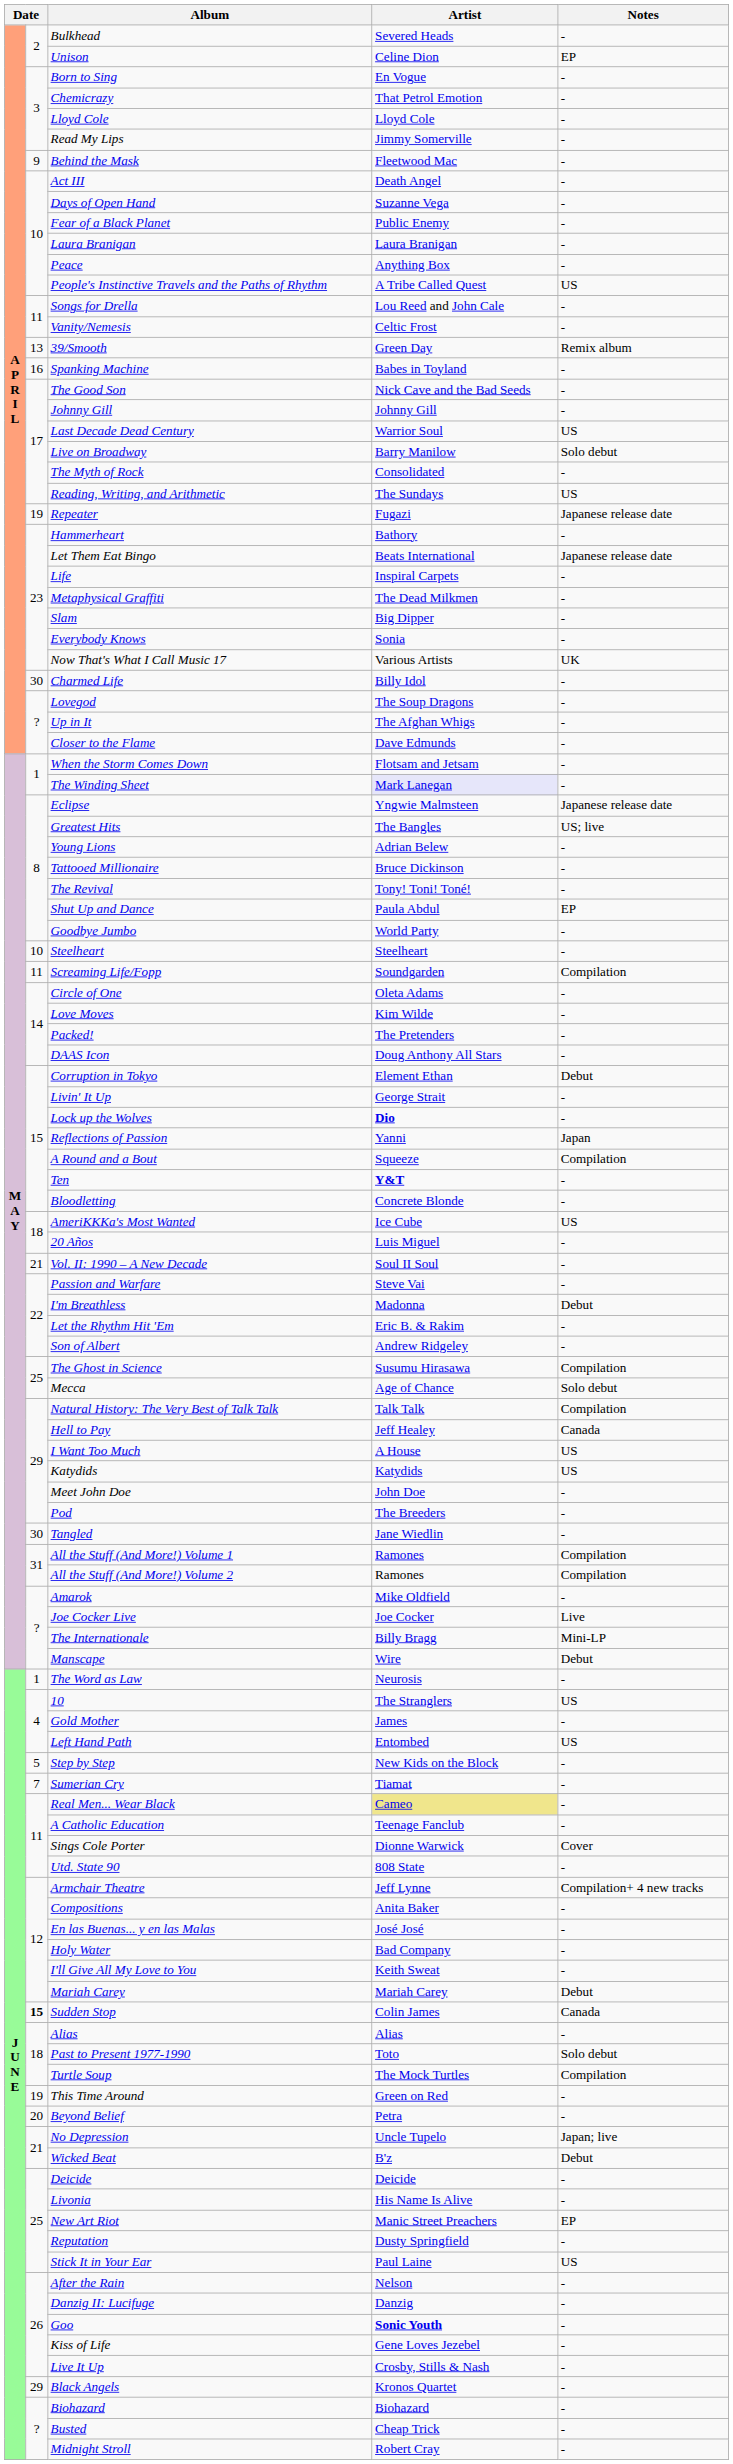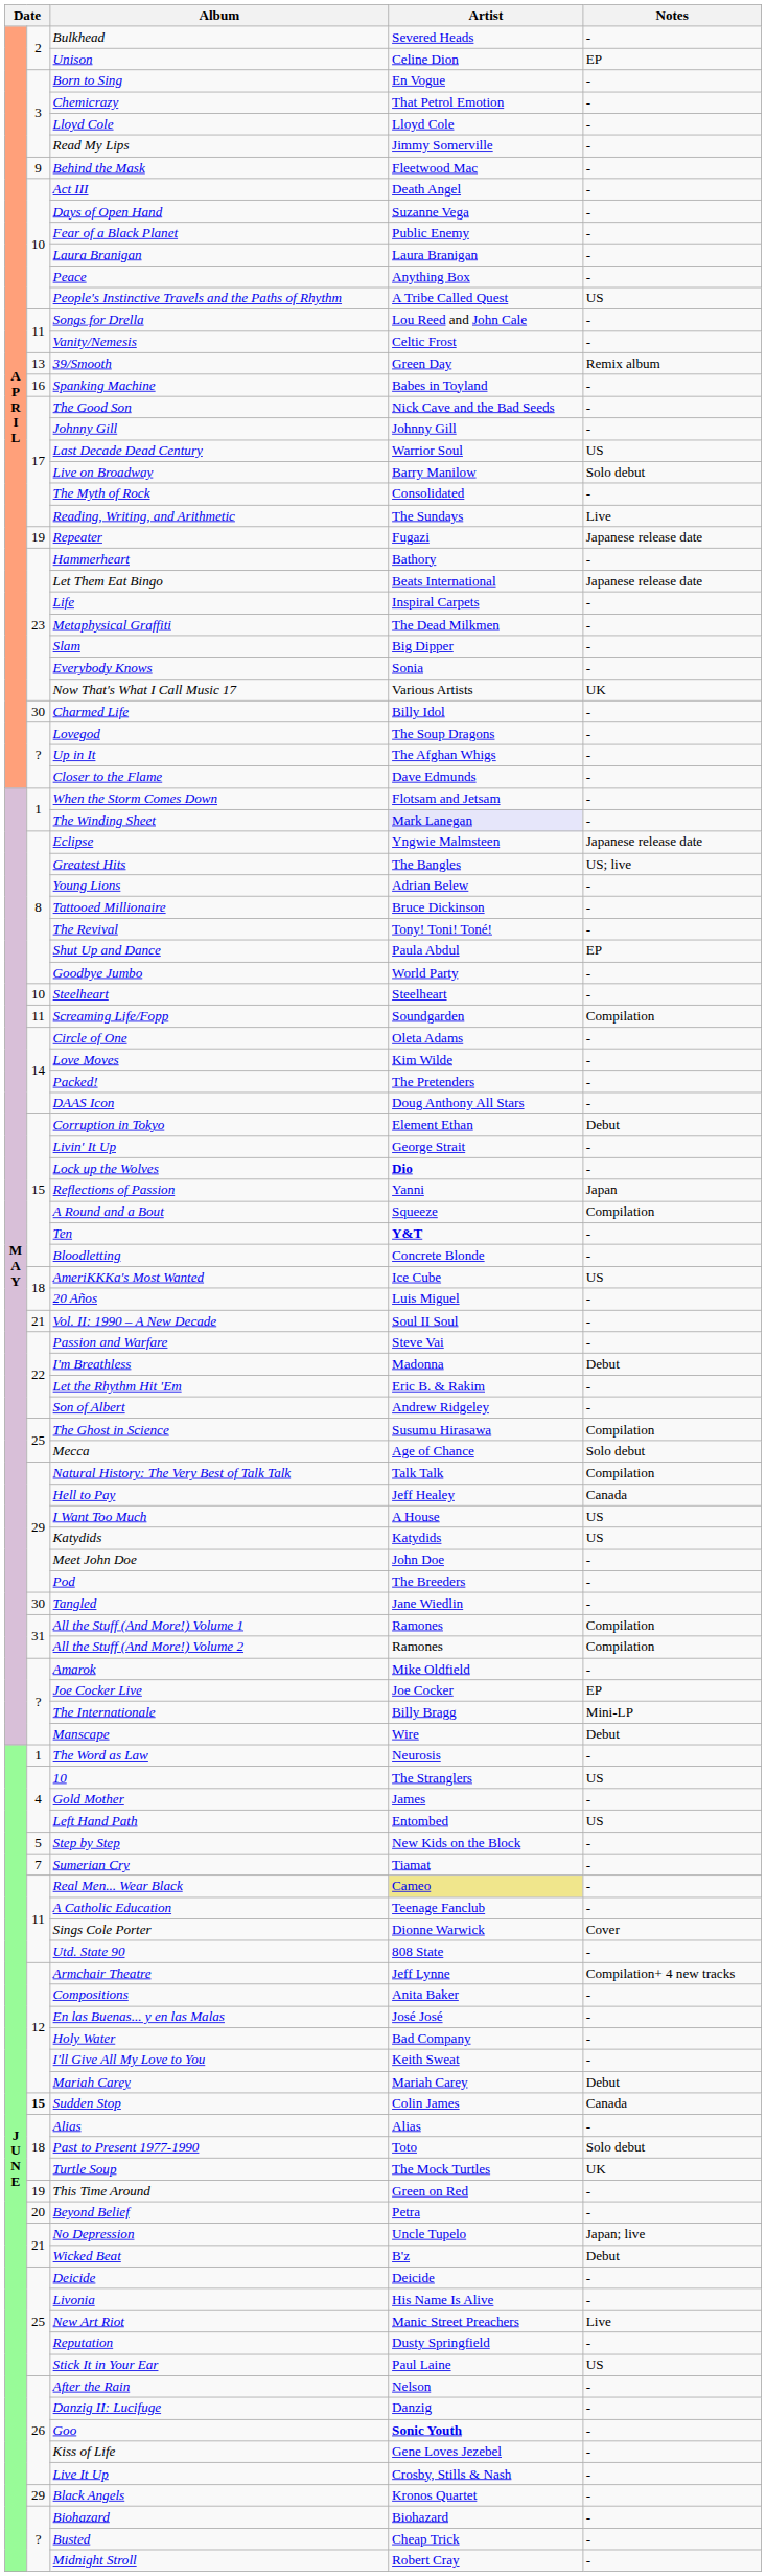 <table class="wikitable" width="100%">
 <tr>
 <th colspan="2">Date</th>
 <th>Album</th>
 <th>Artist</th>
 <th>Notes</th>
 </tr>
 <tr>
 <td rowspan="35" valign="center" align="center" style="background:#FFA07A; textcolor:#000;"><strong>A<br>P<br>R<br>I<br>L</strong></td>
 <td rowspan="2" align="center">2</td>
 <td><em>Bulkhead</em></td>
 <td><a href='#'>Severed Heads</a></td>
 <td>-</td>
 </tr>
 <tr>
 <td><em><a href='#'>Unison</a></em></td>
 <td><a href='#'>Celine Dion</a></td>
 <td>EP</td>
 </tr>
 <tr>
 <td rowspan="4" align="center">3</td>
 <td><em><a href='#'>Born to Sing</a></em></td>
 <td><a href='#'>En Vogue</a></td>
 <td>-</td>
 </tr>
 <tr>
 <td><em><a href='#'>Chemicrazy</a></em></td>
 <td><a href='#'>That Petrol Emotion</a></td>
 <td>-</td>
 </tr>
 <tr>
 <td><em><a href='#'>Lloyd Cole</a></em></td>
 <td><a href='#'>Lloyd Cole</a></td>
 <td>-</td>
 </tr>
 <tr>
 <td><em>Read My Lips</em></td>
 <td><a href='#'>Jimmy Somerville</a></td>
 <td>-</td>
 </tr>
 <tr>
 <td align="center">9</td>
 <td><em><a href='#'>Behind the Mask</a></em></td>
 <td><a href='#'>Fleetwood Mac</a></td>
 <td>-</td>
 </tr>
 <tr>
 <td rowspan="6" align="center">10</td>
 <td><em><a href='#'>Act III</a></em></td>
 <td><a href='#'>Death Angel</a></td>
 <td>-</td>
 </tr>
 <tr>
 <td><em><a href='#'>Days of Open Hand</a></em></td>
 <td><a href='#'>Suzanne Vega</a></td>
 <td>-</td>
 </tr>
 <tr>
 <td><em><a href='#'>Fear of a Black Planet</a></em></td>
 <td><a href='#'>Public Enemy</a></td>
 <td>-</td>
 </tr>
 <tr>
 <td><em><a href='#'>Laura Branigan</a></em></td>
 <td><a href='#'>Laura Branigan</a></td>
 <td>-</td>
 </tr>
 <tr>
 <td><em><a href='#'>Peace</a></em></td>
 <td><a href='#'>Anything Box</a></td>
 <td>-</td>
 </tr>
 <tr>
 <td><em><a href='#'>People's Instinctive Travels and the Paths of Rhythm</a></em></td>
 <td><a href='#'>A Tribe Called Quest</a></td>
 <td>US</td>
 </tr>
 <tr>
 <td rowspan="2" align="center">11</td>
 <td><em><a href='#'>Songs for Drella</a></em></td>
 <td><a href='#'>Lou Reed</a> and <a href='#'>John Cale</a></td>
 <td>-</td>
 </tr>
 <tr>
 <td><em><a href='#'>Vanity/Nemesis</a></em></td>
 <td><a href='#'>Celtic Frost</a></td>
 <td>-</td>
 </tr>
 <tr>
 <td align="center">13</td>
 <td><em><a href='#'>39/Smooth</a></em></td>
 <td><a href='#'>Green Day</a></td>
 <td>Remix album</td>
 </tr>
 <tr>
 <td rowspan="1" align="center">16</td>
 <td><em><a href='#'>Spanking Machine</a></em></td>
 <td><a href='#'>Babes in Toyland</a></td>
 <td>-</td>
 </tr>
 <tr>
 <td rowspan="6" align="center">17</td>
 <td><em><a href='#'>The Good Son</a></em></td>
 <td><a href='#'>Nick Cave and the Bad Seeds</a></td>
 <td>-</td>
 </tr>
 <tr>
 <td><em><a href='#'>Johnny Gill</a></em></td>
 <td><a href='#'>Johnny Gill</a></td>
 <td>-</td>
 </tr>
 <tr>
 <td><em><a href='#'>Last Decade Dead Century</a></em></td>
 <td><a href='#'>Warrior Soul</a></td>
 <td>US</td>
 </tr>
 <tr>
 <td><em><a href='#'>Live on Broadway</a></em></td>
 <td><a href='#'>Barry Manilow</a></td>
 <td>Solo debut</td>
 </tr>
 <tr>
 <td><em><a href='#'>The Myth of Rock</a></em></td>
 <td><a href='#'>Consolidated</a></td>
 <td>-</td>
 </tr>
 <tr>
 <td><em><a href='#'>Reading, Writing, and Arithmetic</a></em></td>
 <td><a href='#'>The Sundays</a></td>
-<td>US</td>
+<td>Live</td>
 </tr>
 <tr>
 <td align="center">19</td>
 <td><em><a href='#'>Repeater</a></em></td>
 <td><a href='#'>Fugazi</a></td>
 <td>Japanese release date</td>
 </tr>
 <tr>
 <td rowspan="7" align="center">23</td>
 <td><em><a href='#'>Hammerheart</a></em></td>
 <td><a href='#'>Bathory</a></td>
 <td>-</td>
 </tr>
 <tr>
 <td><em>Let Them Eat Bingo</em></td>
 <td><a href='#'>Beats International</a></td>
 <td>Japanese release date</td>
 </tr>
 <tr>
 <td><em><a href='#'>Life</a></em></td>
 <td><a href='#'>Inspiral Carpets</a></td>
 <td>-</td>
 </tr>
 <tr>
 <td><em><a href='#'>Metaphysical Graffiti</a> </em></td>
 <td><a href='#'>The Dead Milkmen</a></td>
 <td>-</td>
 </tr>
 <tr>
 <td><em><a href='#'>Slam</a> </em></td>
 <td><a href='#'>Big Dipper</a></td>
 <td>-</td>
 </tr>
 <tr>
 <td><em><a href='#'>Everybody Knows</a></em></td>
 <td><a href='#'>Sonia</a></td>
 <td>-</td>
 </tr>
 <tr>
 <td><em>Now That's What I Call Music 17</em></td>
 <td>Various Artists</td>
 <td>UK</td>
 </tr>
 <tr>
 <td align="center">30</td>
 <td><em><a href='#'>Charmed Life</a></em></td>
 <td><a href='#'>Billy Idol</a></td>
 <td>-</td>
 </tr>
 <tr>
 <td rowspan="3" align="center">?</td>
 <td><em><a href='#'>Lovegod</a></em></td>
 <td><a href='#'>The Soup Dragons</a></td>
 <td>-</td>
 </tr>
 <tr>
 <td><em><a href='#'>Up in It</a></em></td>
 <td><a href='#'>The Afghan Whigs</a></td>
 <td>-</td>
 </tr>
 <tr>
 <td><em><a href='#'>Closer to the Flame</a></em></td>
 <td><a href='#'>Dave Edmunds</a></td>
 <td>-</td>
 </tr>
 <tr>
 <td rowspan="44" valign="center" align="center" style="background:#D8BFD8; textcolor:#000;"><strong>M<br>A<br>Y</strong></td>
 <td rowspan="2" align="center">1</td>
 <td><em><a href='#'>When the Storm Comes Down</a></em></td>
 <td><a href='#'>Flotsam and Jetsam</a></td>
 <td>-</td>
 </tr>
 <tr>
 <td><em><a href='#'>The Winding Sheet</a></em></td>
 <td style="background: lavender;"><a href='#'>Mark Lanegan</a></td>
 <td>-</td>
 </tr>
 <tr>
 <td rowspan="7" align="center">8</td>
 <td><em><a href='#'>Eclipse</a></em></td>
 <td><a href='#'>Yngwie Malmsteen</a></td>
 <td>Japanese release date</td>
 </tr>
 <tr>
 <td><em><a href='#'>Greatest Hits</a></em></td>
 <td><a href='#'>The Bangles</a></td>
 <td>US; live</td>
 </tr>
 <tr>
 <td><em><a href='#'>Young Lions</a></em></td>
 <td><a href='#'>Adrian Belew</a></td>
 <td>-</td>
 </tr>
 <tr>
 <td><em><a href='#'>Tattooed Millionaire</a></em></td>
 <td><a href='#'>Bruce Dickinson</a></td>
 <td>-</td>
 </tr>
 <tr>
 <td><em><a href='#'>The Revival</a></em></td>
 <td><a href='#'>Tony! Toni! Toné!</a></td>
 <td>-</td>
 </tr>
 <tr>
 <td><em><a href='#'>Shut Up and Dance</a></em></td>
 <td><a href='#'>Paula Abdul</a></td>
 <td>EP</td>
 </tr>
 <tr>
 <td><em><a href='#'>Goodbye Jumbo</a></em></td>
 <td><a href='#'>World Party</a></td>
 <td>-</td>
 </tr>
 <tr>
 <td align="center">10</td>
 <td><em><a href='#'>Steelheart</a></em></td>
 <td><a href='#'>Steelheart</a></td>
 <td>-</td>
 </tr>
 <tr>
 <td align="center">11</td>
 <td><em><a href='#'>Screaming Life/Fopp</a></em></td>
 <td><a href='#'>Soundgarden</a></td>
 <td>Compilation</td>
 </tr>
 <tr>
 <td rowspan="4" align="center">14</td>
 <td><em><a href='#'>Circle of One</a></em></td>
 <td><a href='#'>Oleta Adams</a></td>
 <td>-</td>
 </tr>
 <tr>
 <td><em><a href='#'>Love Moves</a></em></td>
 <td><a href='#'>Kim Wilde</a></td>
 <td>-</td>
 </tr>
 <tr>
 <td><em><a href='#'>Packed!</a></em></td>
 <td><a href='#'>The Pretenders</a></td>
 <td>-</td>
 </tr>
 <tr>
 <td><em><a href='#'>DAAS Icon</a></em></td>
 <td><a href='#'>Doug Anthony All Stars</a></td>
 <td>-</td>
 </tr>
 <tr>
 <td rowspan="7" align="center">15</td>
 <td><em><a href='#'>Corruption in Tokyo</a></em></td>
 <td><a href='#'>Element Ethan</a></td>
 <td>Debut</td>
 </tr>
 <tr>
 <td><em><a href='#'>Livin' It Up</a></em></td>
 <td><a href='#'>George Strait</a></td>
 <td>-</td>
 </tr>
 <tr>
 <td><em><a href='#'>Lock up the Wolves</a></em></td>
 <td><strong><a href='#'>Dio</a></strong></td>
 <td>-</td>
 </tr>
 <tr>
 <td><em><a href='#'>Reflections of Passion</a></em></td>
 <td><a href='#'>Yanni</a></td>
 <td>Japan</td>
 </tr>
 <tr>
 <td><em><a href='#'>A Round and a Bout</a></em></td>
 <td><a href='#'>Squeeze</a></td>
 <td>Compilation</td>
 </tr>
 <tr>
 <td><em><a href='#'>Ten</a></em></td>
 <td><strong><a href='#'>Y&T</a></strong></td>
 <td>-</td>
 </tr>
 <tr>
 <td><em><a href='#'>Bloodletting</a></em></td>
 <td><a href='#'>Concrete Blonde</a></td>
 <td>-</td>
 </tr>
 <tr>
 <td rowspan="2" align="center">18</td>
 <td><em><a href='#'>AmeriKKKa's Most Wanted</a></em></td>
 <td><a href='#'>Ice Cube</a></td>
 <td>US</td>
 </tr>
 <tr>
 <td><em><a href='#'>20 Años</a></em></td>
 <td><a href='#'>Luis Miguel</a></td>
 <td>-</td>
 </tr>
 <tr>
 <td align="center">21</td>
 <td><em><a href='#'>Vol. II: 1990 – A New Decade</a></em></td>
 <td><a href='#'>Soul II Soul</a></td>
 <td>-</td>
 </tr>
 <tr>
 <td rowspan="4" align="center">22</td>
 <td><em><a href='#'>Passion and Warfare</a></em></td>
 <td><a href='#'>Steve Vai</a></td>
 <td>-</td>
 </tr>
 <tr>
 <td><em><a href='#'>I'm Breathless</a></em></td>
 <td><a href='#'>Madonna</a></td>
 <td>Debut</td>
 </tr>
 <tr>
 <td><em><a href='#'>Let the Rhythm Hit 'Em</a></em></td>
 <td><a href='#'>Eric B. & Rakim</a></td>
 <td>-</td>
 </tr>
 <tr>
 <td><em><a href='#'>Son of Albert</a></em></td>
 <td><a href='#'>Andrew Ridgeley</a></td>
 <td>-</td>
 </tr>
 <tr>
 <td rowspan="2" align="center">25</td>
 <td><em><a href='#'>The Ghost in Science</a></em></td>
 <td><a href='#'>Susumu Hirasawa</a></td>
 <td>Compilation</td>
 </tr>
 <tr>
 <td><em>Mecca</em></td>
 <td><a href='#'>Age of Chance</a></td>
 <td>Solo debut</td>
 </tr>
 <tr>
 <td rowspan="6" align="center">29</td>
 <td><em><a href='#'>Natural History: The Very Best of Talk Talk</a></em></td>
 <td><a href='#'>Talk Talk</a></td>
 <td>Compilation</td>
 </tr>
 <tr>
 <td><em><a href='#'>Hell to Pay</a></em></td>
 <td><a href='#'>Jeff Healey</a></td>
 <td>Canada</td>
 </tr>
 <tr>
 <td><em><a href='#'>I Want Too Much</a></em></td>
 <td><a href='#'>A House</a></td>
 <td>US</td>
 </tr>
 <tr>
 <td><em>Katydids</em></td>
 <td><a href='#'>Katydids</a></td>
 <td>US</td>
 </tr>
 <tr>
 <td><em>Meet John Doe</em></td>
 <td><a href='#'>John Doe</a></td>
 <td>-</td>
 </tr>
 <tr>
 <td><em><a href='#'>Pod</a></em></td>
 <td><a href='#'>The Breeders</a></td>
 <td>-</td>
 </tr>
 <tr>
 <td rowspan="1" align="center">30</td>
 <td><em><a href='#'>Tangled</a></em></td>
 <td><a href='#'>Jane Wiedlin</a></td>
 <td>-</td>
 </tr>
 <tr>
 <td rowspan="2" align="center">31</td>
 <td><em><a href='#'>All the Stuff (And More!) Volume 1</a></em></td>
 <td><a href='#'>Ramones</a></td>
 <td>Compilation</td>
 </tr>
 <tr>
 <td><em><a href='#'>All the Stuff (And More!) Volume 2</a></em></td>
 <td>Ramones</td>
 <td>Compilation</td>
 </tr>
 <tr>
 <td rowspan="4" align="center">?</td>
 <td><em><a href='#'>Amarok</a></em></td>
 <td><a href='#'>Mike Oldfield</a></td>
 <td>-</td>
 </tr>
 <tr>
 <td><em><a href='#'>Joe Cocker Live</a></em></td>
 <td><a href='#'>Joe Cocker</a></td>
-<td>Live</td>
+<td>EP</td>
 </tr>
 <tr>
 <td><em><a href='#'>The Internationale</a></em></td>
 <td><a href='#'>Billy Bragg</a></td>
 <td>Mini-LP</td>
 </tr>
 <tr>
 <td><em><a href='#'>Manscape</a></em></td>
 <td><a href='#'>Wire</a></td>
 <td>Debut</td>
 </tr>
 <tr>
 <td rowspan="38" valign="center" align="center" style="background:#98FB98; textcolor:#000;"><strong>J<br>U<br>N<br>E</strong></td>
 <td align="center">1</td>
 <td><em><a href='#'>The Word as Law</a></em></td>
 <td><a href='#'>Neurosis</a></td>
 <td>-</td>
 </tr>
 <tr>
 <td rowspan="3" align="center">4</td>
 <td><em><a href='#'>10</a></em></td>
 <td><a href='#'>The Stranglers</a></td>
 <td>US</td>
 </tr>
 <tr>
 <td><em><a href='#'>Gold Mother</a></em></td>
 <td><a href='#'>James</a></td>
 <td>-</td>
 </tr>
 <tr>
 <td><em><a href='#'>Left Hand Path</a></em></td>
 <td><a href='#'>Entombed</a></td>
 <td>US</td>
 </tr>
 <tr>
 <td rowspan="1" align="center">5</td>
 <td><em><a href='#'>Step by Step</a></em></td>
 <td><a href='#'>New Kids on the Block</a></td>
 <td>-</td>
 </tr>
 <tr>
 <td rowspan="1" align="center">7</td>
 <td><em><a href='#'>Sumerian Cry</a></em></td>
 <td><a href='#'>Tiamat</a></td>
 <td>-</td>
 </tr>
 <tr>
 <td rowspan="4" align="center">11</td>
 <td><em><a href='#'>Real Men... Wear Black</a></em></td>
 <td style="background: khaki;"><a href='#'>Cameo</a></td>
 <td>-</td>
 </tr>
 <tr>
 <td><em><a href='#'>A Catholic Education</a></em></td>
 <td><a href='#'>Teenage Fanclub</a></td>
 <td>-</td>
 </tr>
 <tr>
 <td><em>Sings Cole Porter</em></td>
 <td><a href='#'>Dionne Warwick</a></td>
 <td>Cover</td>
 </tr>
 <tr>
 <td><em><a href='#'>Utd. State 90</a></em></td>
 <td><a href='#'>808 State</a></td>
 <td>-</td>
 </tr>
 <tr>
 <td rowspan="6" align="center">12</td>
 <td><em><a href='#'>Armchair Theatre</a></em></td>
 <td><a href='#'>Jeff Lynne</a></td>
 <td>Compilation+ 4 new tracks</td>
 </tr>
 <tr>
 <td><em><a href='#'>Compositions</a></em></td>
 <td><a href='#'>Anita Baker</a></td>
 <td>-</td>
 </tr>
 <tr>
 <td><em><a href='#'>En las Buenas... y en las Malas</a></em></td>
 <td><a href='#'>José José</a></td>
 <td>-</td>
 </tr>
 <tr>
 <td><em><a href='#'>Holy Water</a></em></td>
 <td><a href='#'>Bad Company</a></td>
 <td>-</td>
 </tr>
 <tr>
 <td><em><a href='#'>I'll Give All My Love to You</a></em></td>
 <td><a href='#'>Keith Sweat</a></td>
 <td>-</td>
 </tr>
 <tr>
 <td><em><a href='#'>Mariah Carey</a></em></td>
 <td><a href='#'>Mariah Carey</a></td>
 <td>Debut</td>
 </tr>
 <tr>
 <td align="center"><strong>15</strong></td>
 <td><em><a href='#'>Sudden Stop</a></em></td>
 <td><a href='#'>Colin James</a></td>
 <td>Canada</td>
 </tr>
 <tr>
 <td rowspan="3" align="center">18</td>
 <td><em><a href='#'>Alias</a></em></td>
 <td><a href='#'>Alias</a></td>
 <td>-</td>
 </tr>
 <tr>
 <td><em><a href='#'>Past to Present 1977-1990</a></em></td>
 <td><a href='#'>Toto</a></td>
 <td>Solo debut</td>
 </tr>
 <tr>
 <td><em><a href='#'>Turtle Soup</a></em></td>
 <td><a href='#'>The Mock Turtles</a></td>
-<td>Compilation</td>
+<td>UK</td>
 </tr>
 <tr>
 <td align="center">19</td>
 <td><em>This Time Around</em></td>
 <td><a href='#'>Green on Red</a></td>
 <td>-</td>
 </tr>
 <tr>
 <td align="center">20</td>
 <td><em><a href='#'>Beyond Belief</a></em></td>
 <td><a href='#'>Petra</a></td>
 <td>-</td>
 </tr>
 <tr>
 <td rowspan="2" align="center">21</td>
 <td><em><a href='#'>No Depression</a></em></td>
 <td><a href='#'>Uncle Tupelo</a></td>
 <td>Japan; live</td>
 </tr>
 <tr>
 <td><em><a href='#'>Wicked Beat</a></em></td>
 <td><a href='#'>B'z</a></td>
 <td>Debut</td>
 </tr>
 <tr>
 <td rowspan="5" style="text-align:center;">25</td>
 <td><em><a href='#'>Deicide</a></em></td>
 <td><a href='#'>Deicide</a></td>
 <td>-</td>
 </tr>
 <tr>
 <td><em><a href='#'>Livonia</a></em></td>
 <td><a href='#'>His Name Is Alive</a></td>
 <td>-</td>
 </tr>
 <tr>
 <td><em><a href='#'>New Art Riot</a></em></td>
 <td><a href='#'>Manic Street Preachers</a></td>
-<td>EP</td>
+<td>Live</td>
 </tr>
 <tr>
 <td><em><a href='#'>Reputation</a></em></td>
 <td><a href='#'>Dusty Springfield</a></td>
 <td>-</td>
 </tr>
 <tr>
 <td><em><a href='#'>Stick It in Your Ear</a></em></td>
 <td><a href='#'>Paul Laine</a></td>
 <td>US</td>
 </tr>
 <tr>
 <td rowspan="5" align="center">26</td>
 <td><em><a href='#'>After the Rain</a></em></td>
 <td><a href='#'>Nelson</a></td>
 <td>-</td>
 </tr>
 <tr>
 <td><em><a href='#'>Danzig II: Lucifuge</a></em></td>
 <td><a href='#'>Danzig</a></td>
 <td>-</td>
 </tr>
 <tr>
 <td><em><a href='#'>Goo</a></em></td>
 <td><strong><a href='#'>Sonic Youth</a></strong></td>
 <td>-</td>
 </tr>
 <tr>
 <td><em>Kiss of Life</em></td>
 <td><a href='#'>Gene Loves Jezebel</a></td>
 <td>-</td>
 </tr>
 <tr>
 <td><em><a href='#'>Live It Up</a></em></td>
 <td><a href='#'>Crosby, Stills & Nash</a></td>
 <td>-</td>
 </tr>
 <tr>
 <td align="center">29</td>
 <td><em><a href='#'>Black Angels</a></em></td>
 <td><a href='#'>Kronos Quartet</a></td>
 <td>-</td>
 </tr>
 <tr>
 <td rowspan="3" align="center">?</td>
 <td><em><a href='#'>Biohazard</a></em></td>
 <td><a href='#'>Biohazard</a></td>
 <td>-</td>
 </tr>
 <tr>
 <td><em><a href='#'>Busted</a></em></td>
 <td><a href='#'>Cheap Trick</a></td>
 <td>-</td>
 </tr>
 <tr>
 <td><em><a href='#'>Midnight Stroll</a></em></td>
 <td><a href='#'>Robert Cray</a></td>
 <td>-</td>
 </tr>
 </table>
